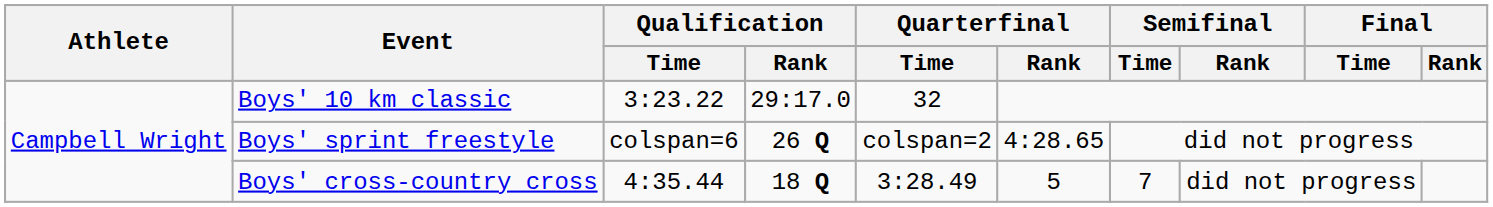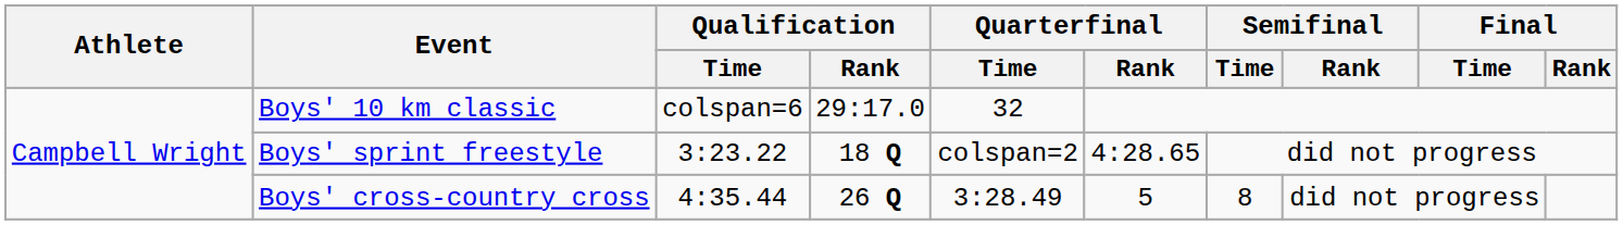 <table class="wikitable" style="font-size:90%">
 <tr>
 <th rowspan="2">Athlete</th>
 <th rowspan="2">Event</th>
 <th colspan="2">Qualification</th>
 <th colspan="2">Quarterfinal</th>
 <th colspan="2">Semifinal</th>
 <th colspan="2">Final</th>
 </tr>
 <tr style="font-size:95%">
 <th>Time</th>
 <th>Rank</th>
 <th>Time</th>
 <th>Rank</th>
 <th>Time</th>
 <th>Rank</th>
 <th>Time</th>
 <th>Rank</th>
 </tr>
 <tr align=center>
 <td align=left rowspan=3><a href='#'>Campbell Wright</a></td>
 <td align=left><a href='#'>Boys' 10 km classic</a></td>
-<td>3:23.22</td>
+<td>colspan=6 </td>
 <td>29:17.0</td>
 <td>32</td>
 </tr>
 <tr align=center>
 <td align=left><a href='#'>Boys' sprint freestyle</a></td>
-<td>colspan=6 </td>
-<td>26 <strong>Q</strong></td>
+<td>3:23.22</td>
+<td>18 <strong>Q</strong></td>
 <td>colspan=2 </td>
 <td>4:28.65</td>
 <td colspan=4>did not progress</td>
 </tr>
 <tr align=center>
 <td align=left><a href='#'>Boys' cross-country cross</a></td>
 <td>4:35.44</td>
-<td>18 <strong>Q</strong></td>
+<td>26 <strong>Q</strong></td>
 <td>3:28.49</td>
 <td>5</td>
-<td>7</td>
+<td>8</td>
 <td colspan=2>did not progress</td>
 </tr>
 </table>
